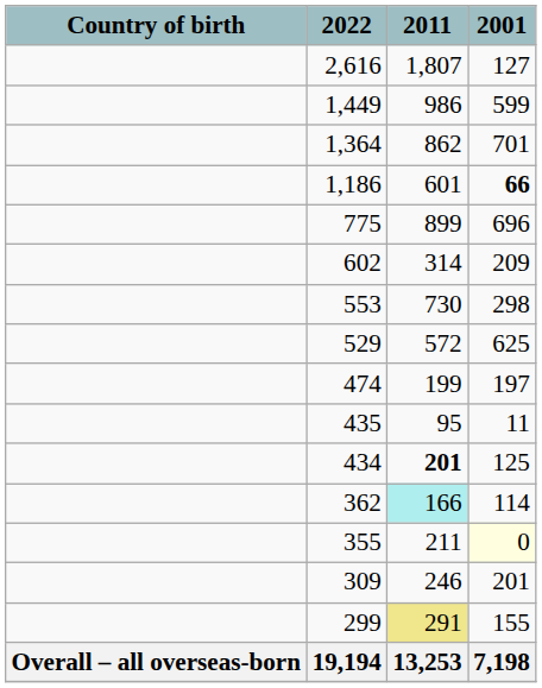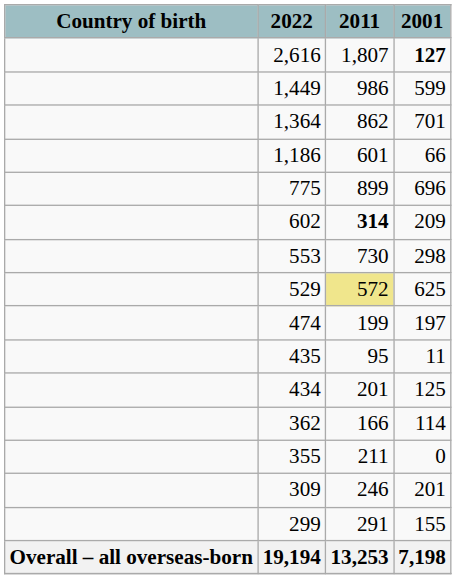 <table class="wikitable collapsible sortable">
 <tr>
 <th style="text-align:center; background:#9dbec3;">Country of birth</th>
 <th style="text-align:center; background:#9dbec3;">2022</th>
 <th style="text-align:center; background:#9dbec3;">2011</th>
 <th style="text-align:center; background:#9dbec3;">2001</th>
 </tr>
 <tr>
 <td border = "1"></td>
 <td align="right">2,616</td>
 <td align="right">1,807</td>
-<td align="right">127</td>
+<td align="right"><strong>127</strong></td>
 </tr>
 <tr>
 <td border = "1"></td>
 <td align="right">1,449</td>
 <td align="right">986</td>
 <td align="right">599</td>
 </tr>
 <tr>
 <td border = "1"></td>
 <td align="right">1,364</td>
 <td align="right">862</td>
 <td align="right">701</td>
 </tr>
 <tr>
 <td border = "1"></td>
 <td align="right">1,186</td>
 <td align="right">601</td>
-<td align="right"><strong>66</strong></td>
+<td align="right">66</td>
 </tr>
 <tr>
 <td border = "1"></td>
 <td align="right">775</td>
 <td align="right">899</td>
 <td align="right">696</td>
 </tr>
 <tr>
 <td border = "1"></td>
 <td align="right">602</td>
-<td align="right">314</td>
+<td align="right"><strong>314</strong></td>
 <td align="right">209</td>
 </tr>
 <tr>
 <td border = "1"></td>
 <td align="right">553</td>
 <td align="right">730</td>
 <td align="right">298</td>
 </tr>
 <tr>
 <td border = "1"></td>
 <td align="right">529</td>
-<td align="right">572</td>
+<td align="right" style="background: khaki;">572</td>
 <td align="right">625</td>
 </tr>
 <tr>
 <td border = "1"></td>
 <td align="right">474</td>
 <td align="right">199</td>
 <td align="right">197</td>
 </tr>
 <tr>
 <td border = "1"></td>
 <td align="right">435</td>
 <td align="right">95</td>
 <td align="right">11</td>
 </tr>
 <tr>
 <td border = "1"></td>
 <td align="right">434</td>
-<td align="right"><strong>201</strong></td>
+<td align="right">201</td>
 <td align="right">125</td>
 </tr>
 <tr>
 <td border = "1"></td>
 <td align="right">362</td>
-<td align="right" style="background: paleturquoise;">166</td>
+<td align="right">166</td>
 <td align="right">114</td>
 </tr>
 <tr>
 <td border = "1"></td>
 <td align="right">355</td>
 <td align="right">211</td>
-<td align="right" style="background: lightyellow;">0</td>
+<td align="right">0</td>
 </tr>
 <tr>
 <td border = "1"></td>
 <td align="right">309</td>
 <td align="right">246</td>
 <td align="right">201</td>
 </tr>
 <tr>
 <td border = "1"></td>
 <td align="right">299</td>
-<td align="right" style="background: khaki;">291</td>
+<td align="right">291</td>
 <td align="right">155</td>
 </tr>
 <tr>
 <th border = "1">Overall – all overseas-born</th>
 <th align="right">19,194</th>
 <th align="right">13,253</th>
 <th align="right">7,198</th>
 </tr>
 <tr>
 </tr>
 </table>
